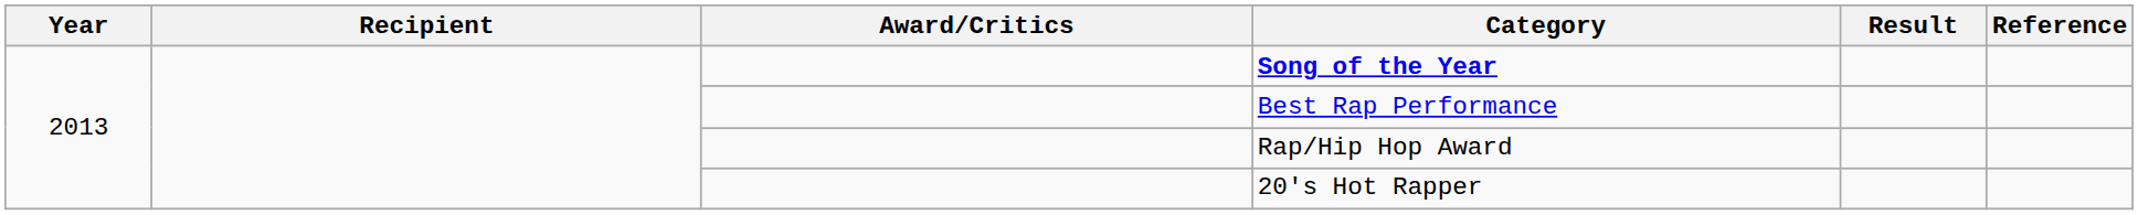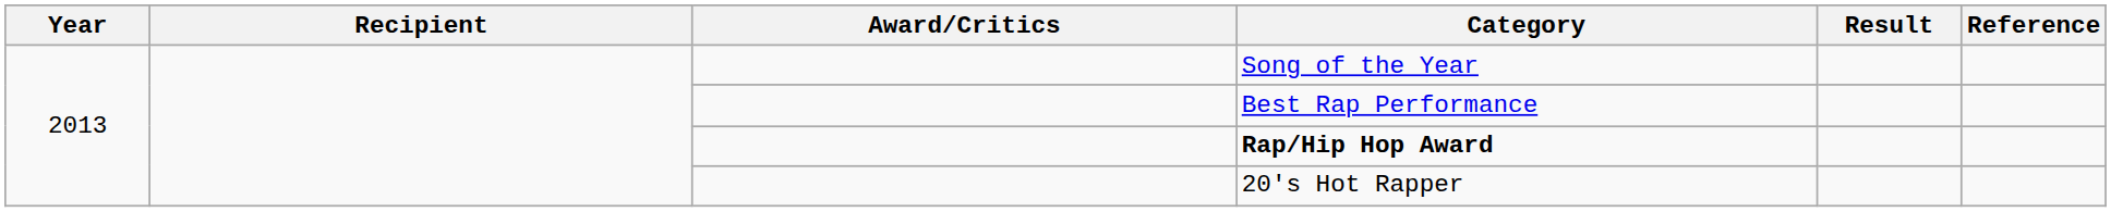 <table class="wikitable">
 <tr>
 <th style="width:70px;">Year</th>
 <th width="280">Recipient</th>
 <th width="280">Award/Critics</th>
 <th width="300">Category</th>
 <th width="70">Result</th>
 <th width="70">Reference</th>
 </tr>
 <tr>
 <td align="center" rowspan="4">2013</td>
 <td rowspan="4"></td>
 <td></td>
-<td><strong><a href='#'>Song of the Year</a></strong></td>
+<td><a href='#'>Song of the Year</a></td>
 <td></td>
 <td></td>
 </tr>
 <tr>
 <td></td>
 <td><a href='#'>Best Rap Performance</a></td>
 <td></td>
 <td></td>
 </tr>
 <tr>
 <td></td>
-<td>Rap/Hip Hop Award</td>
+<td><strong>Rap/Hip Hop Award</strong></td>
 <td></td>
 <td></td>
 </tr>
 <tr>
 <td></td>
 <td>20's Hot Rapper</td>
 <td></td>
 <td></td>
 </tr>
 </table>
